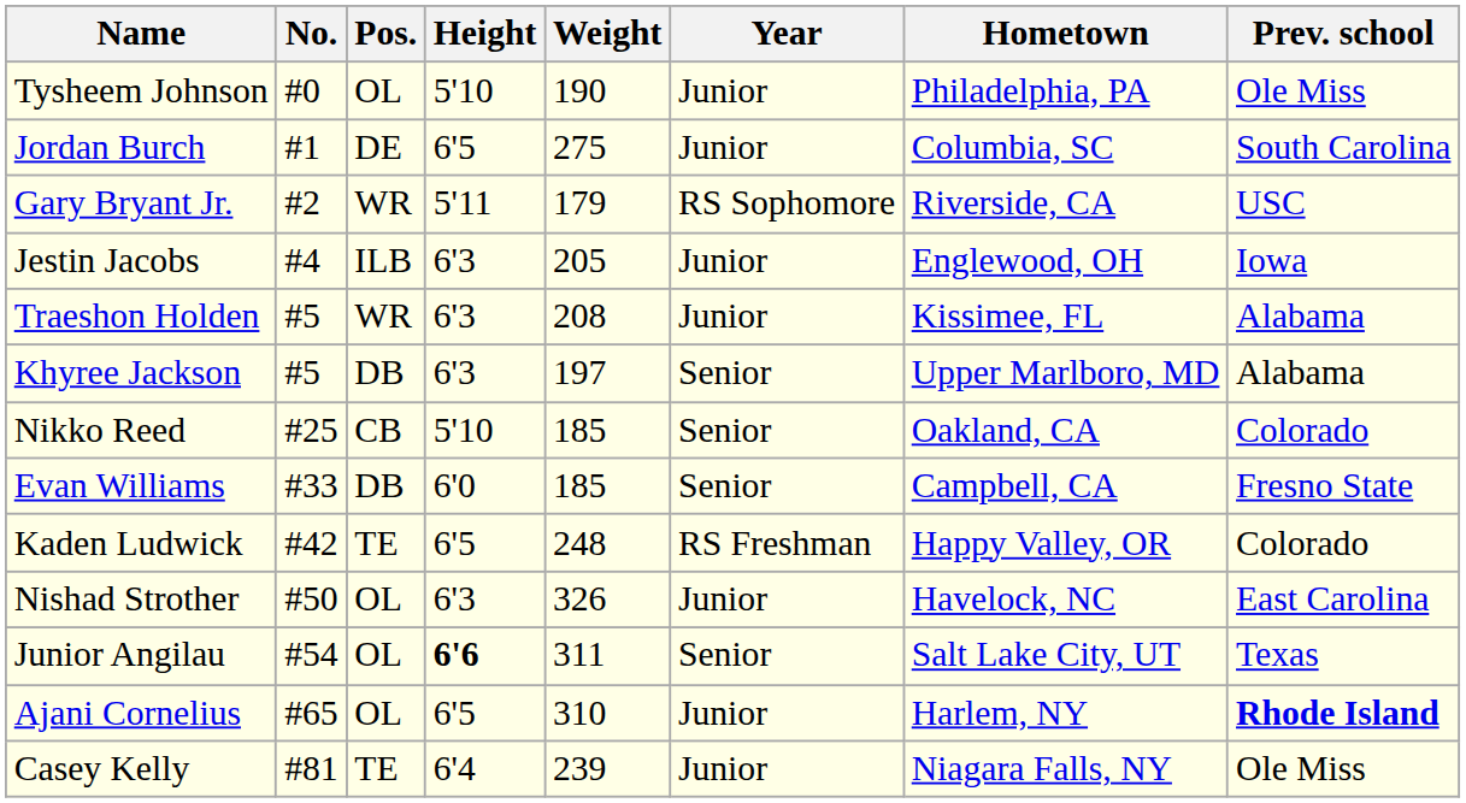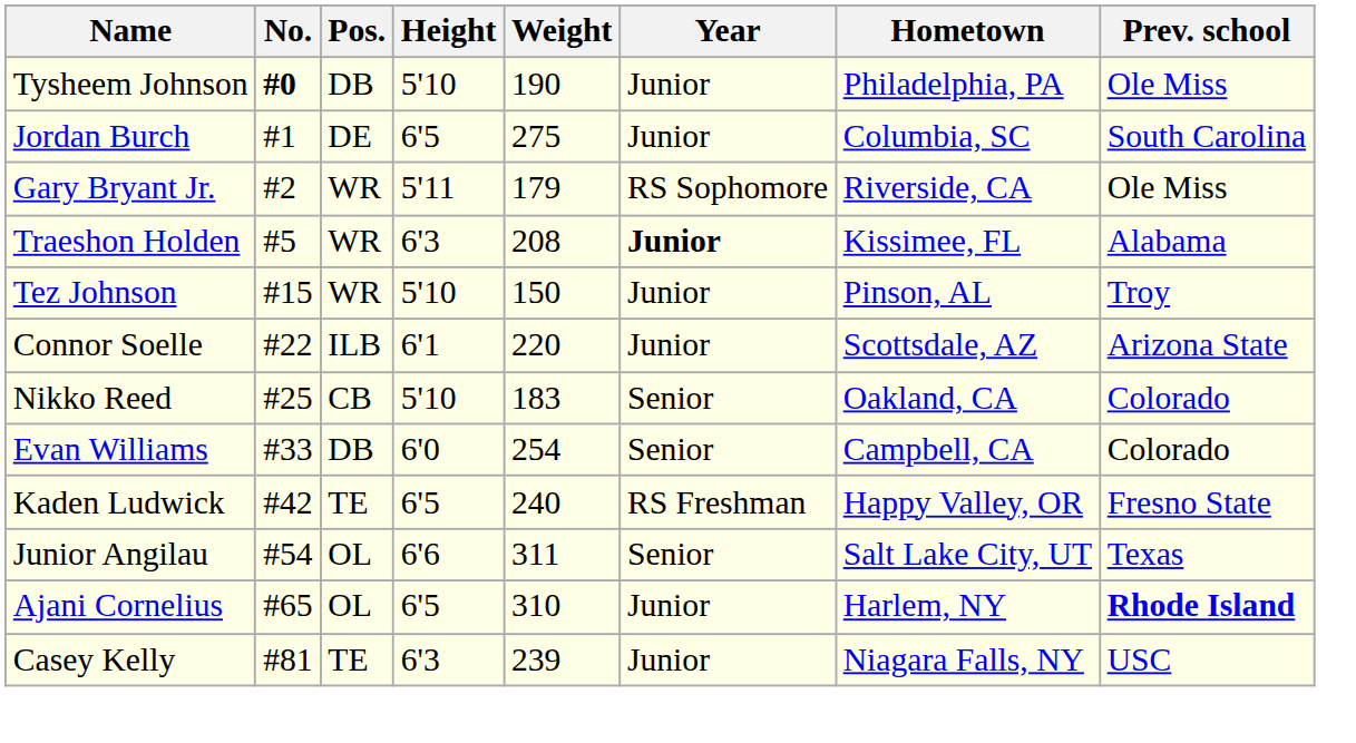 <table class="wikitable sortable mw-collapsible mw-collapsed">
 <tr>
 <th>Name</th>
 <th>No.</th>
 <th>Pos.</th>
 <th>Height</th>
 <th>Weight</th>
 <th>Year</th>
 <th>Hometown</th>
 <th class="unsortable">Prev. school</th>
 </tr>
 <tr style="background:#FFFFE6;">
 <td>Tysheem Johnson</td>
-<td>#0</td>
-<td>OL</td>
+<td><strong>#0</strong></td>
+<td>DB</td>
 <td>5'10</td>
 <td>190</td>
 <td>Junior</td>
 <td><a href='#'>Philadelphia, PA</a></td>
 <td><a href='#'>Ole Miss</a></td>
 </tr>
 <tr style="background:#FFFFE6;">
 <td><a href='#'>Jordan Burch</a></td>
 <td>#1</td>
 <td>DE</td>
 <td>6'5</td>
 <td>275</td>
 <td>Junior</td>
 <td><a href='#'>Columbia, SC</a></td>
 <td><a href='#'>South Carolina</a></td>
 </tr>
 <tr style="background:#FFFFE6;">
 <td><a href='#'>Gary Bryant Jr.</a></td>
 <td>#2</td>
 <td>WR</td>
 <td>5'11</td>
 <td>179</td>
 <td>RS Sophomore</td>
 <td><a href='#'>Riverside, CA</a></td>
-<td><a href='#'>USC</a></td>
-</tr>
-<tr style="background:#FFFFE6;">
-<td>Jestin Jacobs</td>
-<td>#4</td>
-<td>ILB</td>
-<td>6'3</td>
-<td>205</td>
-<td>Junior</td>
-<td><a href='#'>Englewood, OH</a></td>
-<td><a href='#'>Iowa</a></td>
+<td>Ole Miss</td>
 </tr>
 <tr style="background:#FFFFE6;">
 <td><a href='#'>Traeshon Holden</a></td>
 <td>#5</td>
 <td>WR</td>
 <td>6'3</td>
 <td>208</td>
-<td>Junior</td>
+<td><strong>Junior</strong></td>
 <td><a href='#'>Kissimee, FL</a></td>
 <td><a href='#'>Alabama</a></td>
 </tr>
 <tr style="background:#FFFFE6;">
-<td><a href='#'>Khyree Jackson</a></td>
-<td>#5</td>
-<td>DB</td>
-<td>6'3</td>
-<td>197</td>
-<td>Senior</td>
-<td><a href='#'>Upper Marlboro, MD</a></td>
-<td>Alabama</td>
+<td><a href='#'>Tez Johnson</a></td>
+<td>#15</td>
+<td>WR</td>
+<td>5'10</td>
+<td>150</td>
+<td>Junior</td>
+<td><a href='#'>Pinson, AL</a></td>
+<td><a href='#'>Troy</a></td>
+</tr>
+<tr style="background:#FFFFE6;">
+<td>Connor Soelle</td>
+<td>#22</td>
+<td>ILB</td>
+<td>6'1</td>
+<td>220</td>
+<td>Junior</td>
+<td><a href='#'>Scottsdale, AZ</a></td>
+<td><a href='#'>Arizona State</a></td>
 </tr>
 <tr style="background:#FFFFE6;">
 <td>Nikko Reed</td>
 <td>#25</td>
 <td>CB</td>
 <td>5'10</td>
-<td>185</td>
+<td>183</td>
 <td>Senior</td>
 <td><a href='#'>Oakland, CA</a></td>
 <td><a href='#'>Colorado</a></td>
 </tr>
 <tr style="background:#FFFFE6;">
 <td><a href='#'>Evan Williams</a></td>
 <td>#33</td>
 <td>DB</td>
 <td>6'0</td>
-<td>185</td>
+<td>254</td>
 <td>Senior</td>
 <td><a href='#'>Campbell, CA</a></td>
-<td><a href='#'>Fresno State</a></td>
+<td>Colorado</td>
 </tr>
 <tr style="background:#FFFFE6;">
 <td>Kaden Ludwick</td>
 <td>#42</td>
 <td>TE</td>
 <td>6'5</td>
-<td>248</td>
+<td>240</td>
 <td>RS Freshman</td>
 <td><a href='#'>Happy Valley, OR</a></td>
-<td>Colorado</td>
-</tr>
-<tr style="background:#FFFFE6;">
-<td>Nishad Strother</td>
-<td>#50</td>
-<td>OL</td>
-<td>6'3</td>
-<td>326</td>
-<td>Junior</td>
-<td><a href='#'>Havelock, NC</a></td>
-<td><a href='#'>East Carolina</a></td>
+<td><a href='#'>Fresno State</a></td>
 </tr>
 <tr style="background:#FFFFE6;">
 <td>Junior Angilau</td>
 <td>#54</td>
 <td>OL</td>
-<td><strong>6'6</strong></td>
+<td>6'6</td>
 <td>311</td>
 <td>Senior</td>
 <td><a href='#'>Salt Lake City, UT</a></td>
 <td><a href='#'>Texas</a></td>
 </tr>
 <tr style="background:#FFFFE6;">
 <td><a href='#'>Ajani Cornelius</a></td>
 <td>#65</td>
 <td>OL</td>
 <td>6'5</td>
 <td>310</td>
 <td>Junior</td>
 <td><a href='#'>Harlem, NY</a></td>
 <td><strong><a href='#'>Rhode Island</a></strong></td>
 </tr>
 <tr style="background:#FFFFE6;">
 <td>Casey Kelly</td>
 <td>#81</td>
 <td>TE</td>
-<td>6'4</td>
+<td>6'3</td>
 <td>239</td>
 <td>Junior</td>
 <td><a href='#'>Niagara Falls, NY</a></td>
-<td>Ole Miss</td>
+<td><a href='#'>USC</a></td>
 </tr>
 </table>
